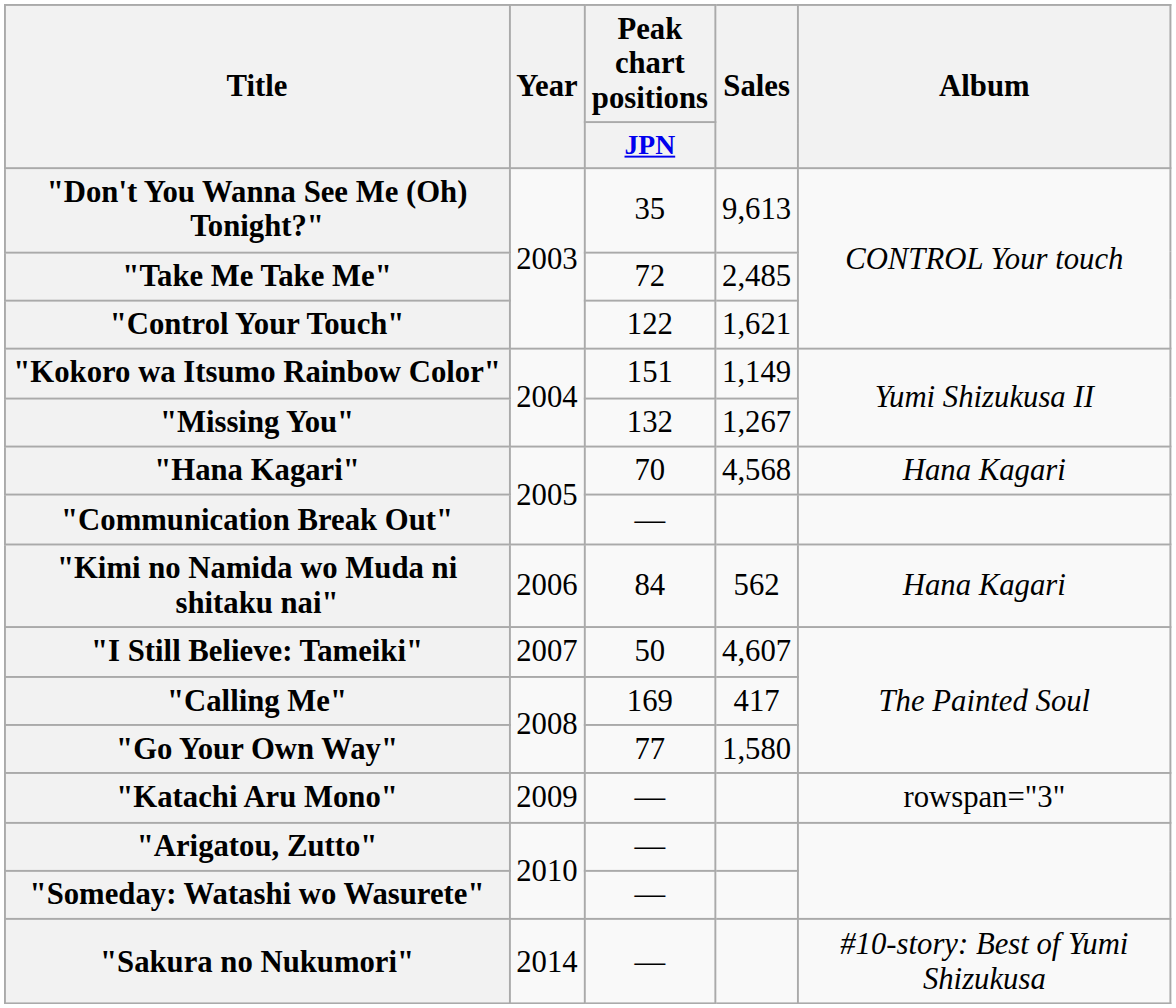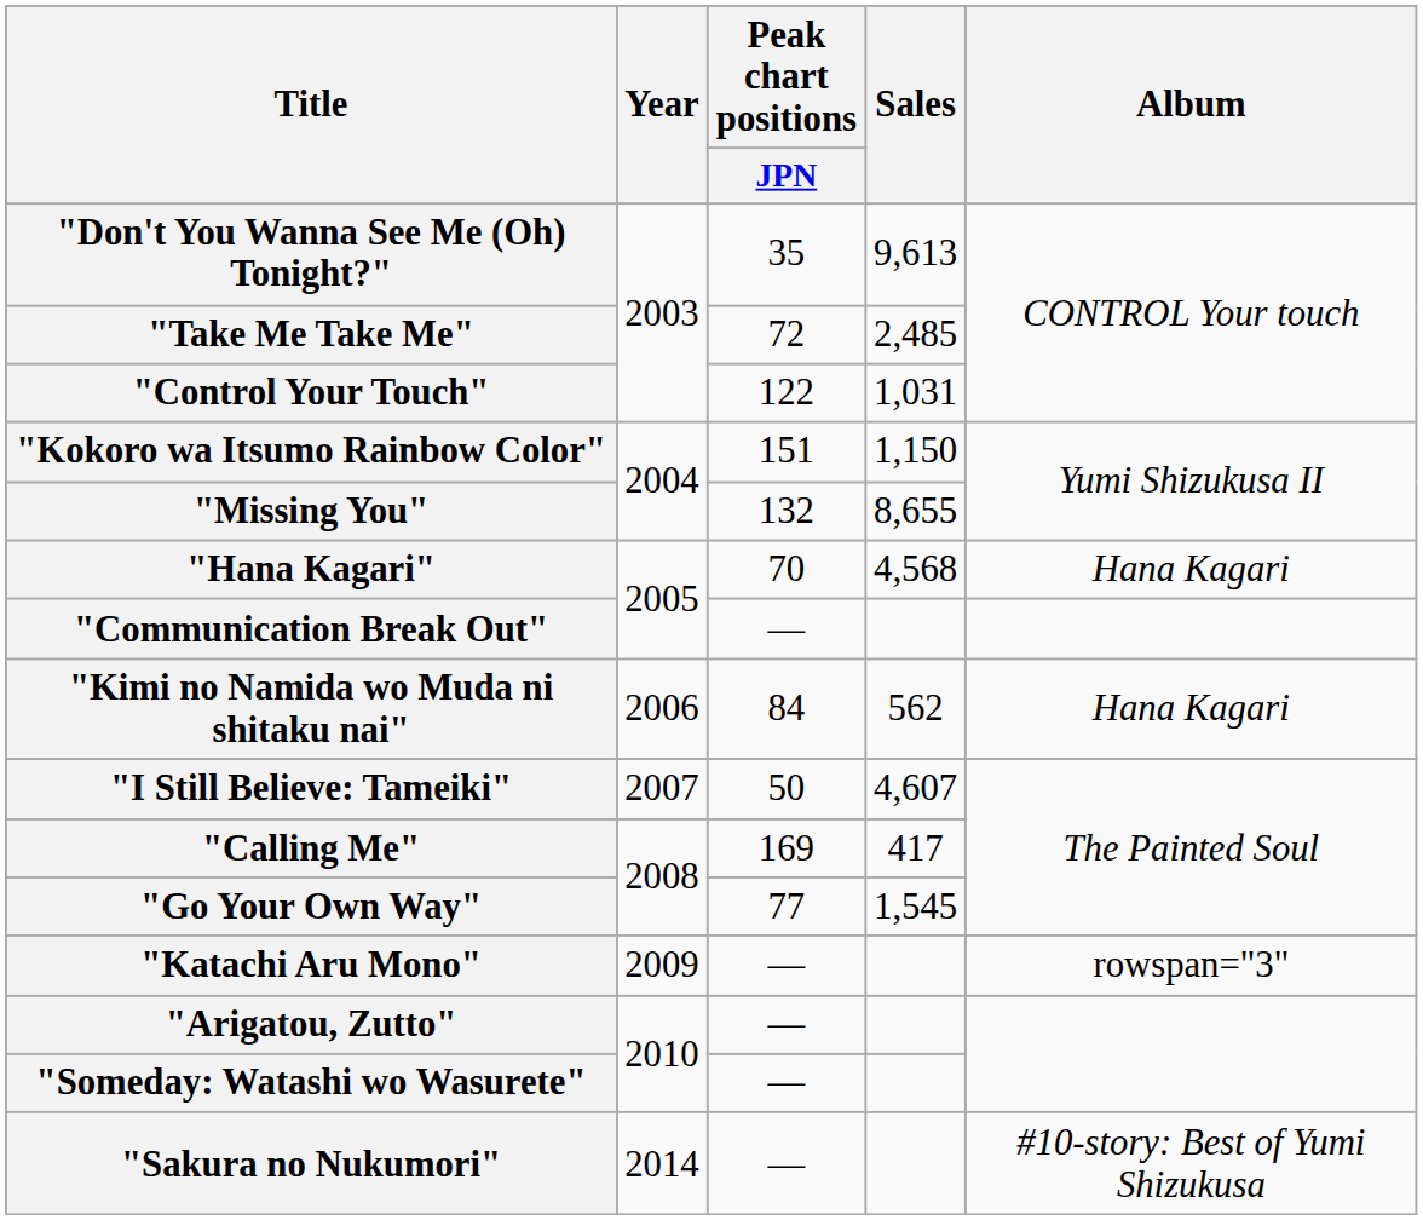 <table class="wikitable plainrowheaders" style="text-align:center;">
 <tr>
 <th scope="col" rowspan="2">Title</th>
 <th scope="col" rowspan="2">Year</th>
 <th scope="col" colspan="1">Peak chart positions</th>
 <th scope="col" rowspan="2">Sales<br></th>
 <th scope="col" rowspan="2">Album</th>
 </tr>
 <tr>
 <th scope="col" style="width:3em;font-size:90%;"><a href='#'>JPN</a></th>
 </tr>
 <tr>
 <th scope="row">"Don't You Wanna See Me (Oh) Tonight?"</th>
 <td rowspan="3">2003</td>
 <td>35</td>
 <td>9,613</td>
 <td rowspan="3"><em>CONTROL Your touch</em></td>
 </tr>
 <tr>
 <th scope="row">"Take Me Take Me"</th>
 <td>72</td>
 <td>2,485</td>
 </tr>
 <tr>
 <th scope="row">"Control Your Touch"</th>
 <td>122</td>
-<td>1,621</td>
+<td>1,031</td>
 </tr>
 <tr>
 <th scope="row">"Kokoro wa Itsumo Rainbow Color"</th>
 <td rowspan="2">2004</td>
 <td>151</td>
-<td>1,149</td>
+<td>1,150</td>
 <td rowspan="2"><em>Yumi Shizukusa II</em></td>
 </tr>
 <tr>
 <th scope="row">"Missing You"</th>
 <td>132</td>
-<td>1,267</td>
+<td>8,655</td>
 </tr>
 <tr>
 <th scope="row">"Hana Kagari"</th>
 <td rowspan="2">2005</td>
 <td>70</td>
 <td>4,568</td>
 <td><em>Hana Kagari</em></td>
 </tr>
 <tr>
 <th scope="row">"Communication Break Out"</th>
 <td>—</td>
 <td></td>
 <td></td>
 </tr>
 <tr>
 <th scope="row">"Kimi no Namida wo Muda ni shitaku nai"</th>
 <td>2006</td>
 <td>84</td>
 <td>562</td>
 <td><em>Hana Kagari</em></td>
 </tr>
 <tr>
 <th scope="row">"I Still Believe: Tameiki"</th>
 <td>2007</td>
 <td>50</td>
 <td>4,607</td>
 <td rowspan="3"><em>The Painted Soul</em></td>
 </tr>
 <tr>
 <th scope="row">"Calling Me"</th>
 <td rowspan="2">2008</td>
 <td>169</td>
 <td>417</td>
 </tr>
 <tr>
 <th scope="row">"Go Your Own Way"</th>
 <td>77</td>
-<td>1,580</td>
+<td>1,545</td>
 </tr>
 <tr>
 <th scope="row">"Katachi Aru Mono"</th>
 <td>2009</td>
 <td>—</td>
 <td></td>
 <td>rowspan="3" </td>
 </tr>
 <tr>
 <th scope="row">"Arigatou, Zutto"</th>
 <td rowspan="2">2010</td>
 <td>—</td>
 <td></td>
 </tr>
 <tr>
 <th scope="row">"Someday: Watashi wo Wasurete"</th>
 <td>—</td>
 <td></td>
 </tr>
 <tr>
 <th scope="row">"Sakura no Nukumori"</th>
 <td>2014</td>
 <td>—</td>
 <td></td>
 <td><em>#10-story: Best of Yumi Shizukusa</em></td>
 </tr>
 </table>
